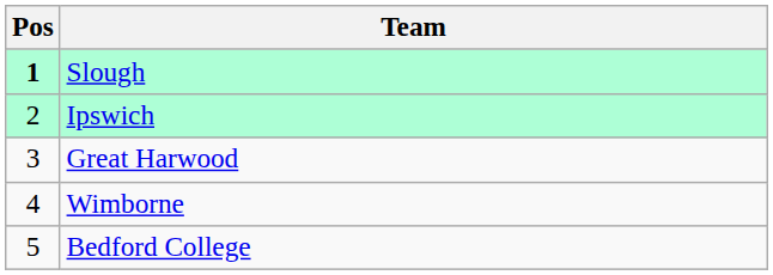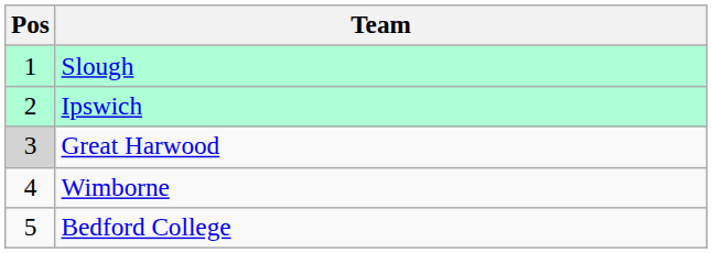 <table class="wikitable" style="font-size: 100%">
 <tr>
 <th width=20>Pos</th>
 <th width=400>Team</th>
 </tr>
 <tr align=center style="background: #ADFFD6;">
-<td><strong>1</strong></td>
+<td>1</td>
 <td align="left"><a href='#'>Slough</a></td>
 </tr>
 <tr align=center style="background: #ADFFD6;">
 <td>2</td>
 <td align="left"><a href='#'>Ipswich</a></td>
 </tr>
 <tr align=center>
-<td>3</td>
+<td style="background: lightgrey;">3</td>
 <td align="left"><a href='#'>Great Harwood</a></td>
 </tr>
 <tr align=center>
 <td>4</td>
 <td align="left"><a href='#'>Wimborne</a></td>
 </tr>
 <tr align=center>
 <td>5</td>
 <td align="left"><a href='#'>Bedford College</a></td>
 </tr>
 </table>
